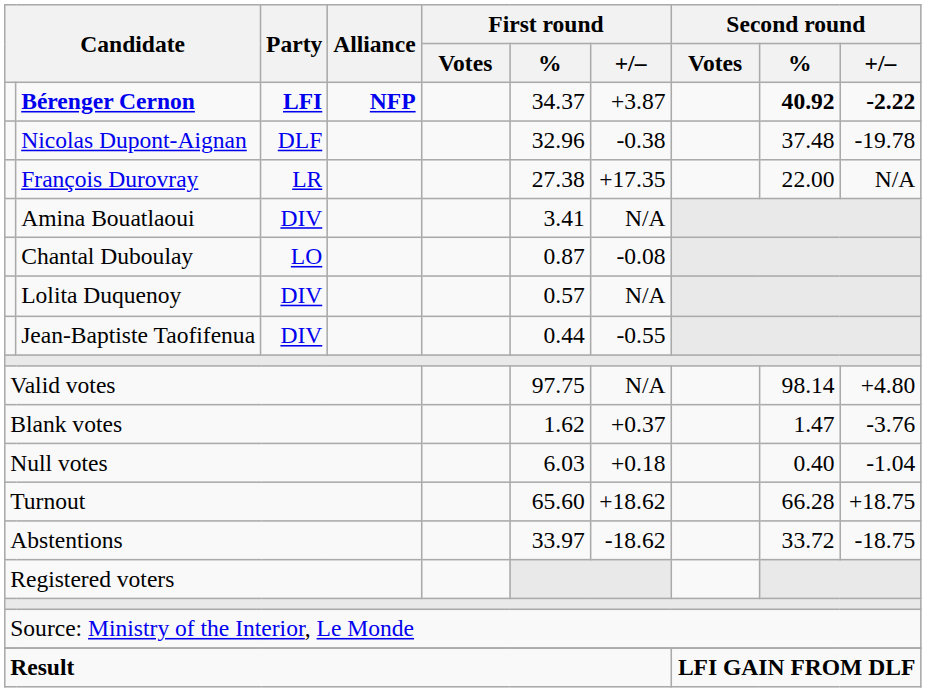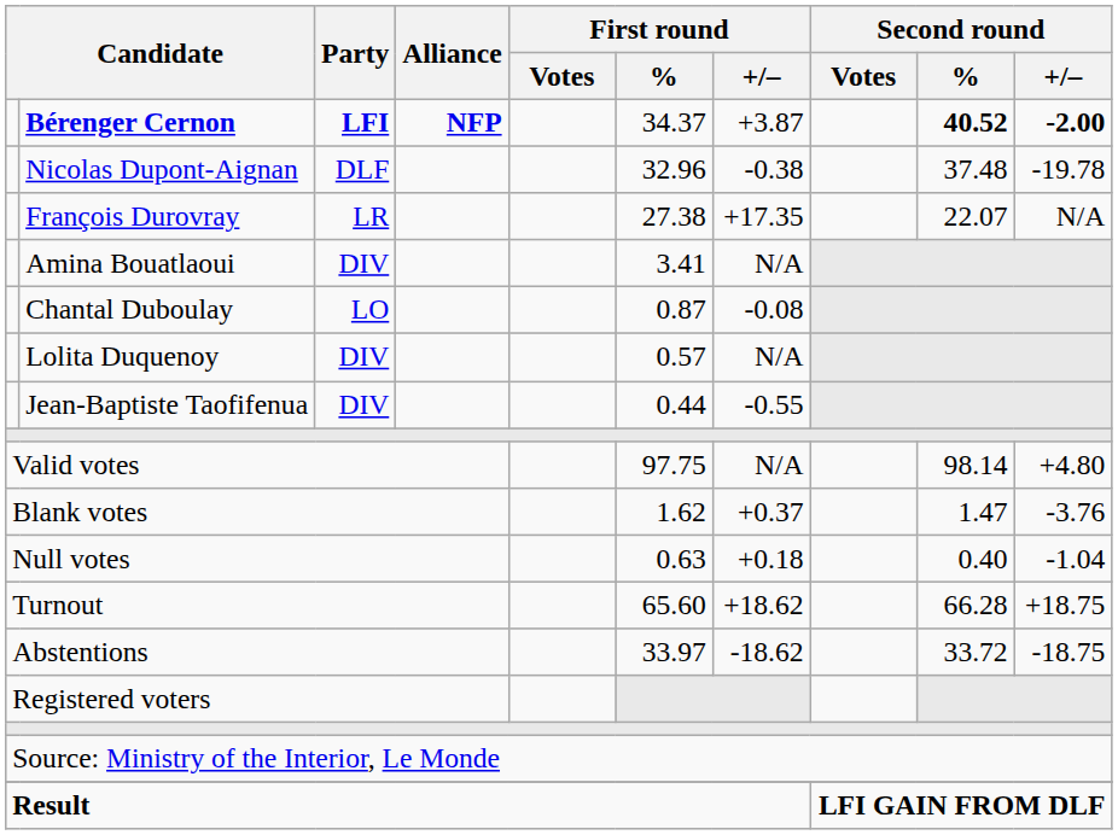 <table class="wikitable" style="text-align:right;font-size:95%;">
 <tr>
 <th rowspan="2" colspan="2">Candidate</th>
 <th rowspan="2">Party</th>
 <th rowspan="2">Alliance</th>
 <th colspan="3">First round</th>
 <th colspan="3">Second round</th>
 </tr>
 <tr>
 <th style="width:50px;">Votes</th>
 <th style="width:45px;">%</th>
 <th style="width:45px;">+/–</th>
 <th style="width:50px;">Votes</th>
 <th style="width:45px;">%</th>
 <th style="width:45px;">+/–</th>
 </tr>
 <tr>
 <td style="color:inherit;background:"></td>
 <td style="text-align:left;"><strong><a href='#'>Bérenger Cernon</a></strong></td>
 <td><a href='#'><strong>LFI</strong></a></td>
 <td><a href='#'><strong>NFP</strong></a></td>
 <td></td>
 <td>34.37</td>
 <td>+3.87</td>
 <td><strong></strong></td>
-<td><strong>40.92</strong></td>
-<td><strong>-2.22</strong></td>
+<td><strong>40.52</strong></td>
+<td><strong>-2.00</strong></td>
 </tr>
 <tr>
 <td style="color:inherit;background:"></td>
 <td style="text-align:left;"><a href='#'>Nicolas Dupont-Aignan</a></td>
 <td><a href='#'>DLF</a></td>
 <td></td>
 <td></td>
 <td>32.96</td>
 <td>-0.38</td>
 <td></td>
 <td>37.48</td>
 <td>-19.78</td>
 </tr>
 <tr>
 <td style="color:inherit;background:"></td>
 <td style="text-align:left;"><a href='#'>François Durovray</a></td>
 <td><a href='#'>LR</a></td>
 <td></td>
 <td></td>
 <td>27.38</td>
 <td>+17.35</td>
 <td></td>
-<td>22.00</td>
+<td>22.07</td>
 <td>N/A</td>
 </tr>
 <tr>
 <td style="color:inherit;background:"></td>
 <td style="text-align:left;">Amina Bouatlaoui</td>
 <td><a href='#'>DIV</a></td>
 <td></td>
 <td></td>
 <td>3.41</td>
 <td>N/A</td>
 <td colspan="3" style="background:#E9E9E9;"></td>
 </tr>
 <tr>
 <td style="color:inherit;background:"></td>
 <td style="text-align:left;">Chantal Duboulay</td>
 <td><a href='#'>LO</a></td>
 <td></td>
 <td></td>
 <td>0.87</td>
 <td>-0.08</td>
 <td colspan="3" style="background:#E9E9E9;"></td>
 </tr>
 <tr>
 <td style="color:inherit;background:"></td>
 <td style="text-align:left;">Lolita Duquenoy</td>
 <td><a href='#'>DIV</a></td>
 <td></td>
 <td></td>
 <td>0.57</td>
 <td>N/A</td>
 <td colspan="3" style="background:#E9E9E9;"></td>
 </tr>
 <tr>
 <td style="color:inherit;background:"></td>
 <td style="text-align:left;">Jean-Baptiste Taofifenua</td>
 <td><a href='#'>DIV</a></td>
 <td></td>
 <td></td>
 <td>0.44</td>
 <td>-0.55</td>
 <td colspan="3" style="background:#E9E9E9;"></td>
 </tr>
 <tr>
 <td colspan="10" style="background:#E9E9E9;"></td>
 </tr>
 <tr>
 <td colspan="4" style="text-align:left;">Valid votes</td>
 <td></td>
 <td>97.75</td>
 <td>N/A</td>
 <td></td>
 <td>98.14</td>
 <td>+4.80</td>
 </tr>
 <tr>
 <td colspan="4" style="text-align:left;">Blank votes</td>
 <td></td>
 <td>1.62</td>
 <td>+0.37</td>
 <td></td>
 <td>1.47</td>
 <td>-3.76</td>
 </tr>
 <tr>
 <td colspan="4" style="text-align:left;">Null votes</td>
 <td></td>
-<td>6.03</td>
+<td>0.63</td>
 <td>+0.18</td>
 <td></td>
 <td>0.40</td>
 <td>-1.04</td>
 </tr>
 <tr>
 <td colspan="4" style="text-align:left;">Turnout</td>
 <td></td>
 <td>65.60</td>
 <td>+18.62</td>
 <td></td>
 <td>66.28</td>
 <td>+18.75</td>
 </tr>
 <tr>
 <td colspan="4" style="text-align:left;">Abstentions</td>
 <td></td>
 <td>33.97</td>
 <td>-18.62</td>
 <td></td>
 <td>33.72</td>
 <td>-18.75</td>
 </tr>
 <tr>
 <td colspan="4" style="text-align:left;">Registered voters</td>
 <td></td>
 <td colspan="2" style="background:#E9E9E9;"></td>
 <td></td>
 <td colspan="2" style="background:#E9E9E9;"></td>
 </tr>
 <tr>
 <td colspan="10" style="background:#E9E9E9;"></td>
 </tr>
 <tr>
 <td colspan="10" style="text-align:left;">Source: <a href='#'>Ministry of the Interior</a>, <a href='#'>Le Monde</a></td>
 </tr>
 <tr>
 </tr>
 <tr style="font-weight:bold">
 <td colspan="7" style="text-align:left;">Result</td>
 <td colspan="7" style="background-color:">LFI GAIN FROM DLF</td>
 </tr>
 </table>
